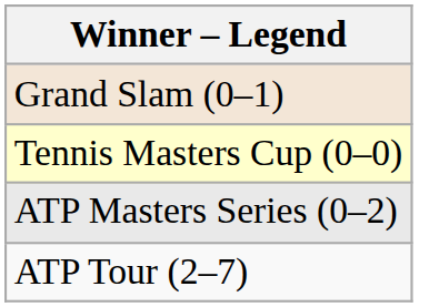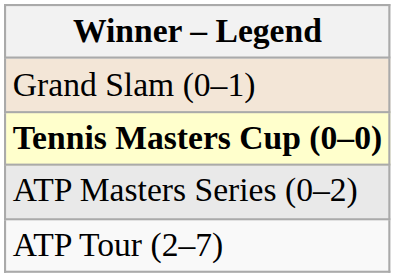 <table class="wikitable sortable mw-collapsible mw-collapsed">
 <tr bgcolor="#eeeeee">
 <th>Winner – Legend</th>
 </tr>
 <tr style="background:#f3e6d7;">
 <td>Grand Slam (0–1)</td>
 </tr>
 <tr style="background:#ffffcc;">
-<td>Tennis Masters Cup (0–0)</td>
+<td><strong>Tennis Masters Cup (0–0)</strong></td>
 </tr>
 <tr style="background:#e9e9e9;">
 <td>ATP Masters Series (0–2)</td>
 </tr>
 <tr>
 <td>ATP Tour (2–7)</td>
 </tr>
 </table>
